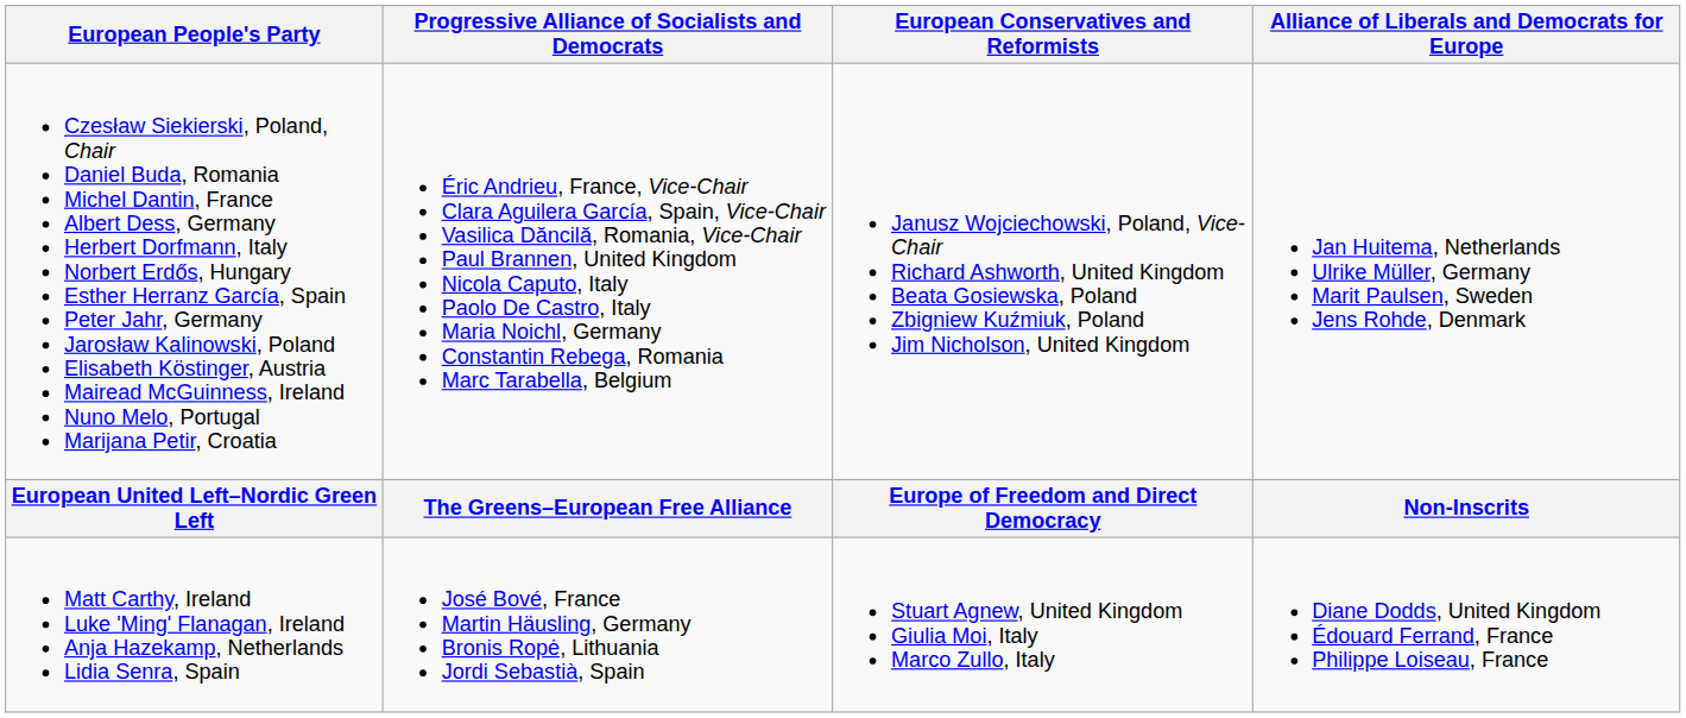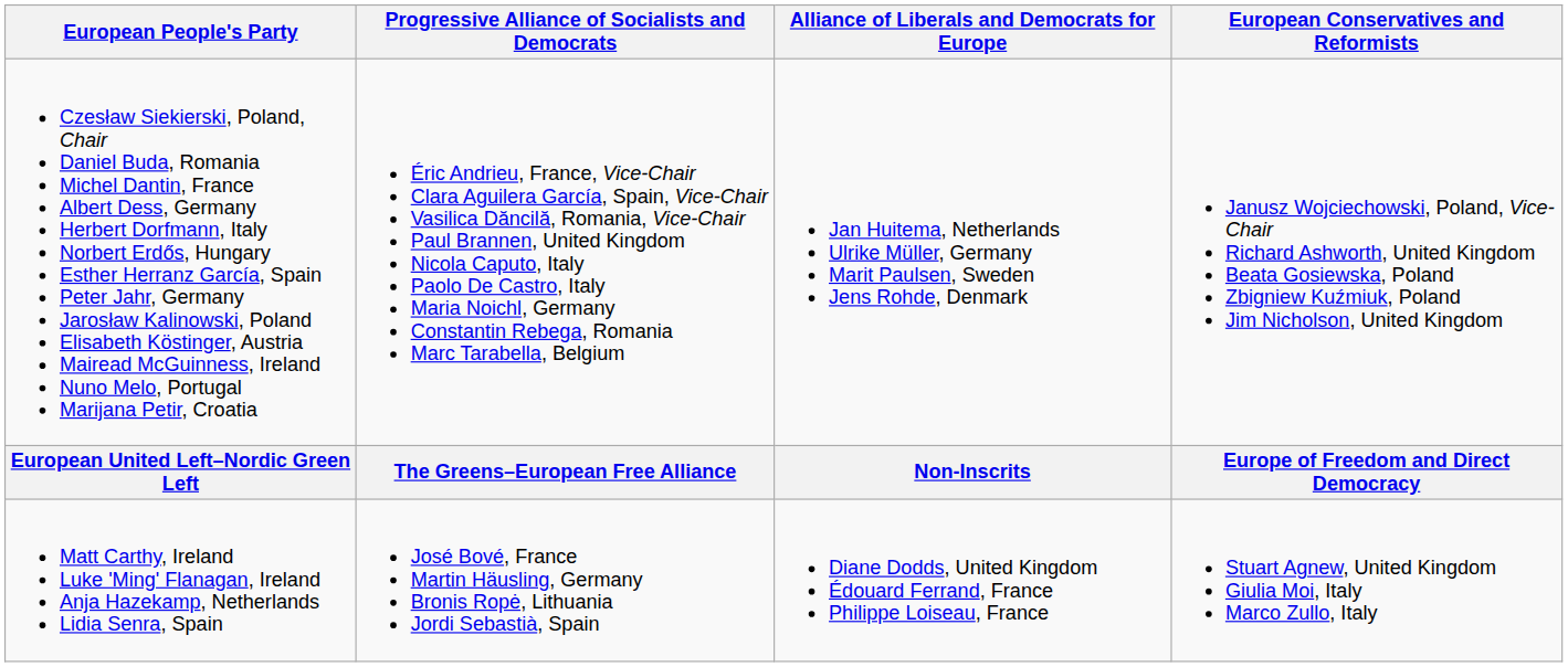 <table class=wikitable>
 <tr>
 <th><a href='#'>European People's Party</a></th>
 <th><a href='#'>Progressive Alliance of Socialists and Democrats</a></th>
+<th><a href='#'>Alliance of Liberals and Democrats for Europe</a></th>
 <th><a href='#'>European Conservatives and Reformists</a></th>
-<th><a href='#'>Alliance of Liberals and Democrats for Europe</a></th>
 </tr>
 <tr>
 <td><br><ul><li><a href='#'>Czesław Siekierski</a>, Poland, <em>Chair</em></li><li><a href='#'>Daniel Buda</a>, Romania</li><li><a href='#'>Michel Dantin</a>, France</li><li><a href='#'>Albert Dess</a>, Germany</li><li><a href='#'>Herbert Dorfmann</a>, Italy</li><li><a href='#'>Norbert Erdős</a>, Hungary</li><li><a href='#'>Esther Herranz García</a>, Spain</li><li><a href='#'>Peter Jahr</a>, Germany</li><li><a href='#'>Jarosław Kalinowski</a>, Poland</li><li><a href='#'>Elisabeth Köstinger</a>, Austria</li><li><a href='#'>Mairead McGuinness</a>, Ireland</li><li><a href='#'>Nuno Melo</a>, Portugal</li><li><a href='#'>Marijana Petir</a>, Croatia</li></ul></td>
 <td><br><ul><li><a href='#'>Éric Andrieu</a>, France, <em>Vice-Chair</em></li><li><a href='#'>Clara Aguilera García</a>, Spain, <em>Vice-Chair</em></li><li><a href='#'>Vasilica Dăncilă</a>, Romania, <em>Vice-Chair</em></li><li><a href='#'>Paul Brannen</a>, United Kingdom</li><li><a href='#'>Nicola Caputo</a>, Italy</li><li><a href='#'>Paolo De Castro</a>, Italy</li><li><a href='#'>Maria Noichl</a>, Germany</li><li><a href='#'>Constantin Rebega</a>, Romania</li><li><a href='#'>Marc Tarabella</a>, Belgium</li></ul></td>
+<td><br><ul><li><a href='#'>Jan Huitema</a>, Netherlands</li><li><a href='#'>Ulrike Müller</a>, Germany</li><li><a href='#'>Marit Paulsen</a>, Sweden</li><li><a href='#'>Jens Rohde</a>, Denmark</li></ul></td>
 <td><br><ul><li><a href='#'>Janusz Wojciechowski</a>, Poland, <em>Vice-Chair</em></li><li><a href='#'>Richard Ashworth</a>, United Kingdom</li><li><a href='#'>Beata Gosiewska</a>, Poland</li><li><a href='#'>Zbigniew Kuźmiuk</a>, Poland</li><li><a href='#'>Jim Nicholson</a>, United Kingdom</li></ul></td>
-<td><br><ul><li><a href='#'>Jan Huitema</a>, Netherlands</li><li><a href='#'>Ulrike Müller</a>, Germany</li><li><a href='#'>Marit Paulsen</a>, Sweden</li><li><a href='#'>Jens Rohde</a>, Denmark</li></ul></td>
 </tr>
 <tr>
 <th><a href='#'>European United Left–Nordic Green Left</a></th>
 <th><a href='#'>The Greens–European Free Alliance</a></th>
+<th><a href='#'>Non-Inscrits</a></th>
 <th><a href='#'>Europe of Freedom and Direct Democracy</a></th>
-<th><a href='#'>Non-Inscrits</a></th>
 </tr>
 <tr>
 <td><br><ul><li><a href='#'>Matt Carthy</a>, Ireland</li><li><a href='#'>Luke 'Ming' Flanagan</a>, Ireland</li><li><a href='#'>Anja Hazekamp</a>, Netherlands</li><li><a href='#'>Lidia Senra</a>, Spain</li></ul></td>
 <td><br><ul><li><a href='#'>José Bové</a>, France</li><li><a href='#'>Martin Häusling</a>, Germany</li><li><a href='#'>Bronis Ropė</a>, Lithuania</li><li><a href='#'>Jordi Sebastià</a>, Spain</li></ul></td>
+<td><br><ul><li><a href='#'>Diane Dodds</a>, United Kingdom</li><li><a href='#'>Édouard Ferrand</a>, France</li><li><a href='#'>Philippe Loiseau</a>, France</li></ul></td>
 <td><br><ul><li><a href='#'>Stuart Agnew</a>, United Kingdom</li><li><a href='#'>Giulia Moi</a>, Italy</li><li><a href='#'>Marco Zullo</a>, Italy</li></ul></td>
-<td><br><ul><li><a href='#'>Diane Dodds</a>, United Kingdom</li><li><a href='#'>Édouard Ferrand</a>, France</li><li><a href='#'>Philippe Loiseau</a>, France</li></ul></td>
 </tr>
 </table>
